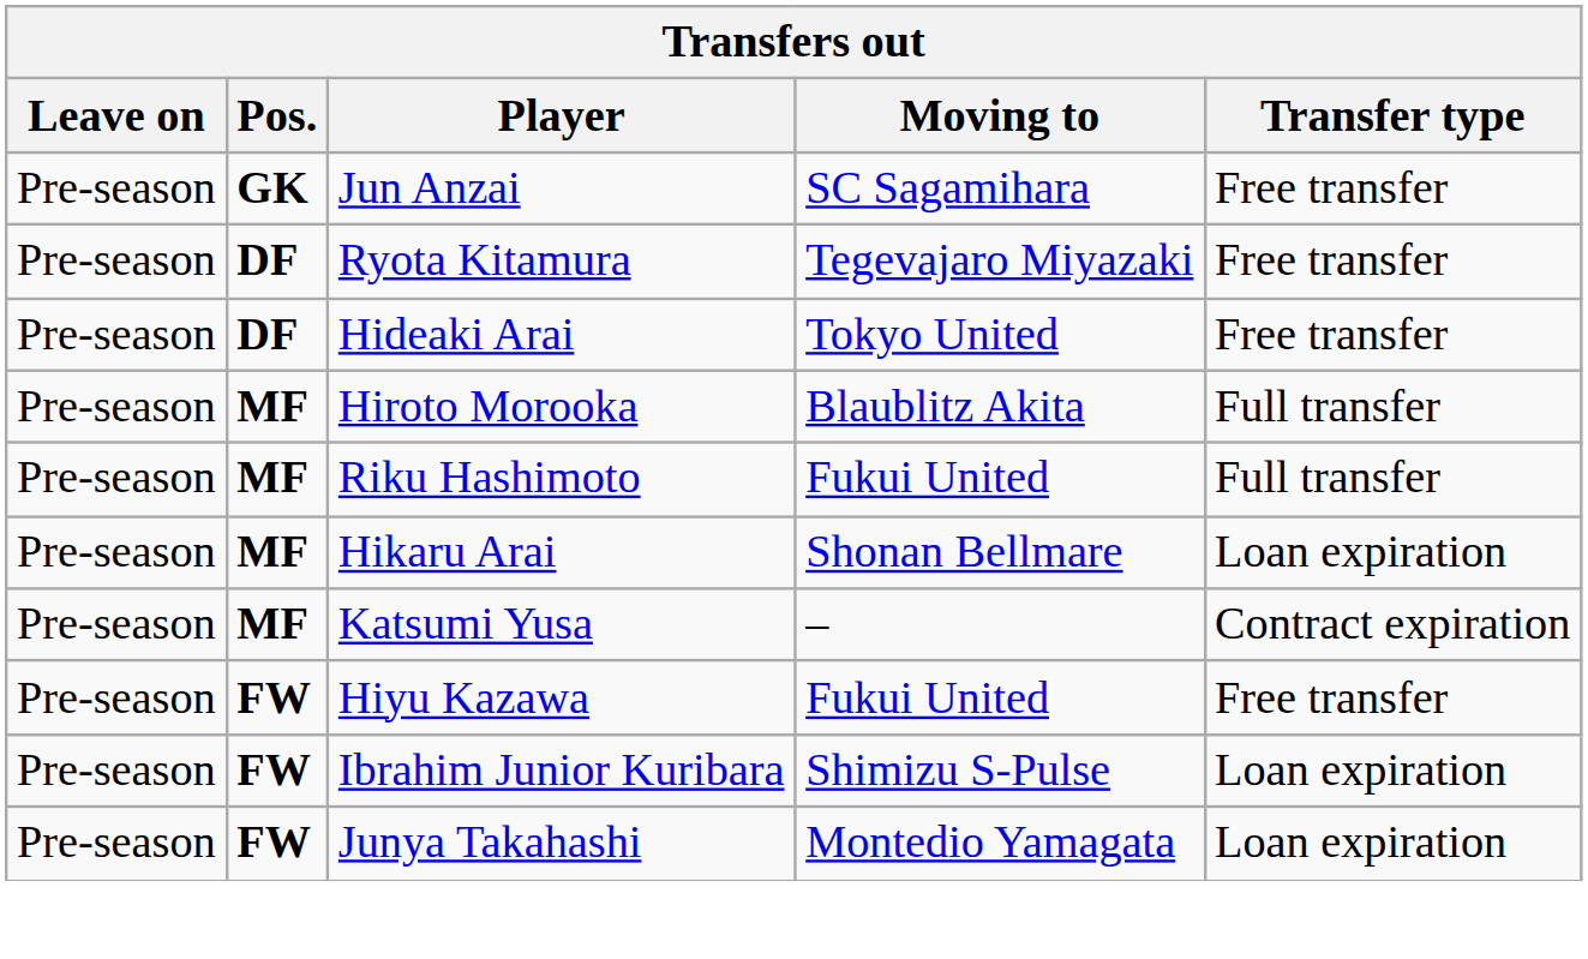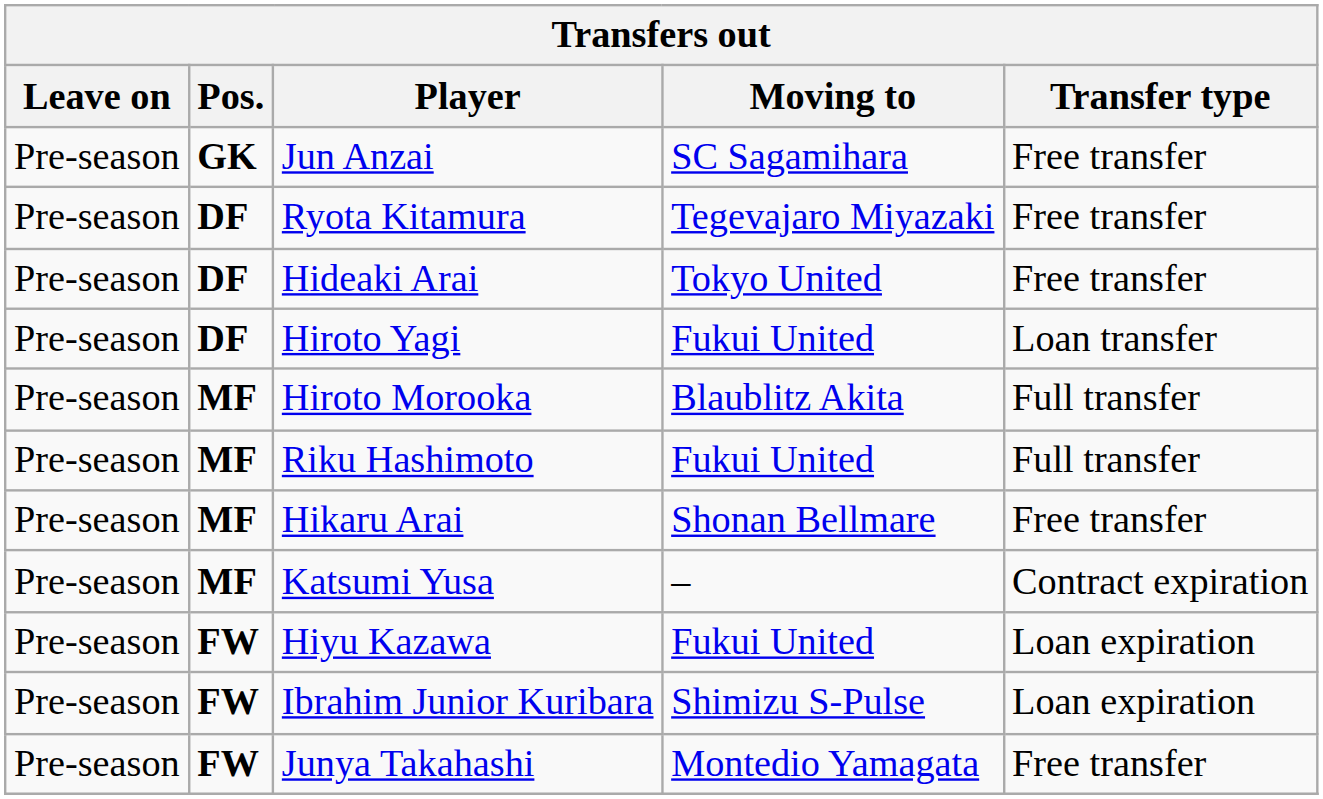 <table class="wikitable sortable" style=“text-align:left;>
 <tr>
 <th colspan="5">Transfers out</th>
 </tr>
 <tr>
 <th>Leave on</th>
 <th>Pos.</th>
 <th>Player</th>
 <th>Moving to</th>
 <th>Transfer type</th>
 </tr>
 <tr>
 <td>Pre-season</td>
 <td><strong>GK</strong></td>
 <td> <a href='#'>Jun Anzai</a></td>
 <td> <a href='#'>SC Sagamihara</a></td>
 <td>Free transfer</td>
 </tr>
 <tr>
 <td>Pre-season</td>
 <td><strong>DF</strong></td>
 <td> <a href='#'>Ryota Kitamura</a></td>
 <td> <a href='#'>Tegevajaro Miyazaki</a></td>
 <td>Free transfer</td>
 </tr>
 <tr>
 <td>Pre-season</td>
 <td><strong>DF</strong></td>
 <td> <a href='#'>Hideaki Arai</a></td>
 <td> <a href='#'>Tokyo United</a></td>
 <td>Free transfer</td>
 </tr>
 <tr>
 <td>Pre-season</td>
+<td><strong>DF</strong></td>
+<td> <a href='#'>Hiroto Yagi</a></td>
+<td> <a href='#'>Fukui United</a></td>
+<td>Loan transfer</td>
+</tr>
+<tr>
+<td>Pre-season</td>
 <td><strong>MF</strong></td>
 <td> <a href='#'>Hiroto Morooka</a></td>
 <td> <a href='#'>Blaublitz Akita</a></td>
 <td>Full transfer</td>
 </tr>
 <tr>
 <td>Pre-season</td>
 <td><strong>MF</strong></td>
 <td> <a href='#'>Riku Hashimoto</a></td>
 <td> <a href='#'>Fukui United</a></td>
 <td>Full transfer</td>
 </tr>
 <tr>
 <td>Pre-season</td>
 <td><strong>MF</strong></td>
 <td> <a href='#'>Hikaru Arai</a></td>
 <td> <a href='#'>Shonan Bellmare</a></td>
-<td>Loan expiration</td>
+<td>Free transfer</td>
 </tr>
 <tr>
 <td>Pre-season</td>
 <td><strong>MF</strong></td>
 <td> <a href='#'>Katsumi Yusa</a></td>
 <td>–</td>
 <td>Contract expiration</td>
 </tr>
 <tr>
 <td>Pre-season</td>
 <td><strong>FW</strong></td>
 <td> <a href='#'>Hiyu Kazawa</a></td>
 <td> <a href='#'>Fukui United</a></td>
-<td>Free transfer</td>
+<td>Loan expiration</td>
 </tr>
 <tr>
 <td>Pre-season</td>
 <td><strong>FW</strong></td>
 <td> <a href='#'>Ibrahim Junior Kuribara</a></td>
 <td> <a href='#'>Shimizu S-Pulse</a></td>
 <td>Loan expiration</td>
 </tr>
 <tr>
 <td>Pre-season</td>
 <td><strong>FW</strong></td>
 <td> <a href='#'>Junya Takahashi</a></td>
 <td> <a href='#'>Montedio Yamagata</a></td>
-<td>Loan expiration</td>
+<td>Free transfer</td>
 </tr>
 <tr>
 </tr>
 </table>
